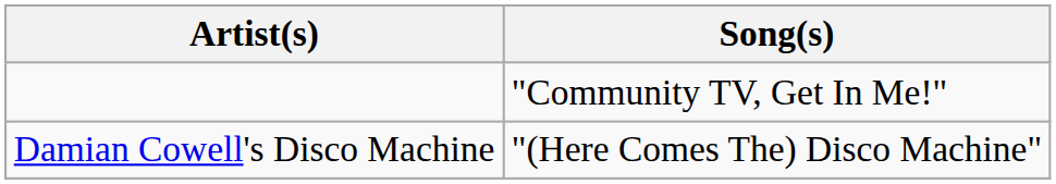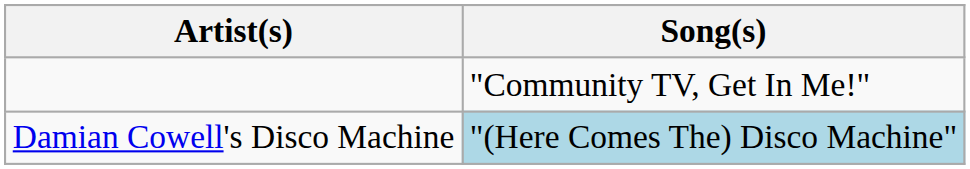 <table class="wikitable plainrowheaders">
 <tr>
 <th scope="col">Artist(s)</th>
 <th scope="col">Song(s)</th>
 </tr>
 <tr>
 <td></td>
 <td>"Community TV, Get In Me!"</td>
 </tr>
 <tr>
 <td><a href='#'>Damian Cowell</a>'s Disco Machine</td>
-<td>"(Here Comes The) Disco Machine"</td>
+<td style="background: lightblue;">"(Here Comes The) Disco Machine"</td>
 </tr>
 </table>
